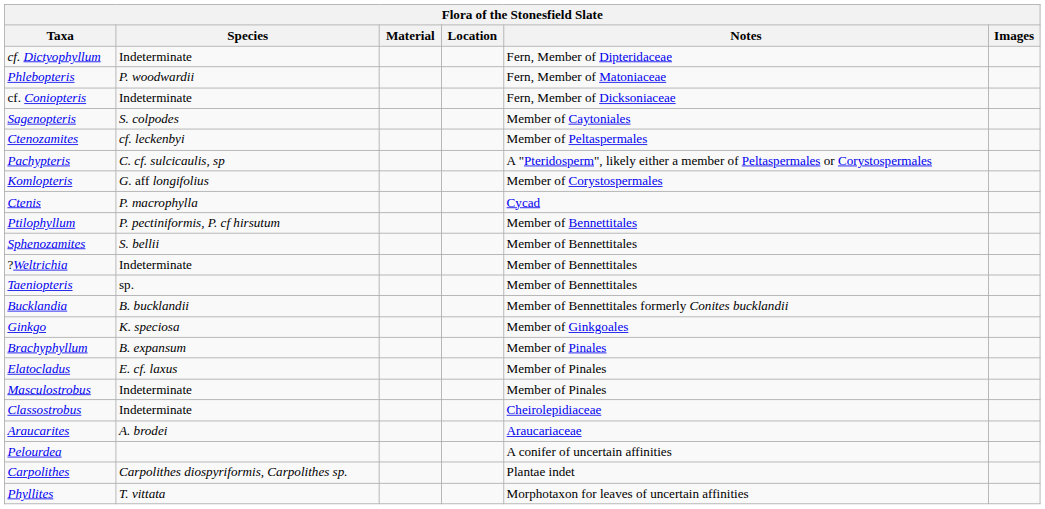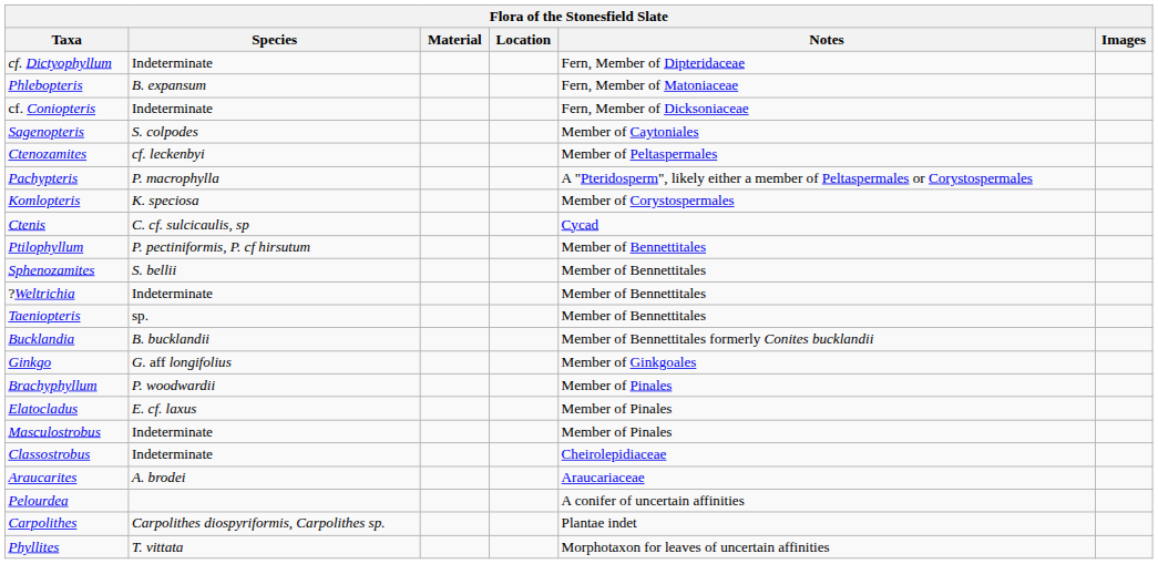 <table class="wikitable" align="center" width="100%">
 <tr>
 <th colspan="7" align="center"><strong>Flora of the Stonesfield Slate</strong></th>
 </tr>
 <tr>
 <th>Taxa</th>
 <th>Species</th>
 <th>Material</th>
 <th>Location</th>
 <th>Notes</th>
 <th>Images</th>
 </tr>
 <tr>
 <td><em>cf. <a href='#'>Dictyophyllum</a></em></td>
 <td>Indeterminate</td>
 <td></td>
 <td></td>
 <td>Fern, Member of <a href='#'>Dipteridaceae</a></td>
 <td></td>
 </tr>
 <tr>
 <td><em><a href='#'>Phlebopteris</a></em></td>
-<td><em>P. woodwardii</em></td>
+<td><em>B. expansum</em></td>
 <td></td>
 <td></td>
 <td>Fern, Member of <a href='#'>Matoniaceae</a></td>
 <td></td>
 </tr>
 <tr>
 <td>cf. <em><a href='#'>Coniopteris</a></em></td>
 <td>Indeterminate</td>
 <td></td>
 <td></td>
 <td>Fern, Member of <a href='#'>Dicksoniaceae</a></td>
 <td></td>
 </tr>
 <tr>
 <td><em><a href='#'>Sagenopteris</a></em></td>
 <td><em>S. colpodes</em></td>
 <td></td>
 <td></td>
 <td>Member of <a href='#'>Caytoniales</a></td>
 <td></td>
 </tr>
 <tr>
 <td><em><a href='#'>Ctenozamites</a></em></td>
 <td><em>cf. leckenbyi</em></td>
 <td></td>
 <td></td>
 <td>Member of <a href='#'>Peltaspermales</a></td>
 <td></td>
 </tr>
 <tr>
 <td><em><a href='#'>Pachypteris</a></em></td>
-<td><em>C. cf. sulcicaulis, sp</em></td>
+<td><em>P. macrophylla</em></td>
 <td></td>
 <td></td>
 <td>A "<a href='#'>Pteridosperm</a>", likely either a member of <a href='#'>Peltaspermales</a> or <a href='#'>Corystospermales</a></td>
 <td></td>
 </tr>
 <tr>
 <td><em><a href='#'>Komlopteris</a></em></td>
-<td><em>G.</em> aff <em>longifolius</em></td>
+<td><em>K. speciosa</em></td>
 <td></td>
 <td></td>
 <td>Member of <a href='#'>Corystospermales</a></td>
 <td></td>
 </tr>
 <tr>
 <td><em><a href='#'>Ctenis</a></em></td>
-<td><em>P. macrophylla</em></td>
+<td><em>C. cf. sulcicaulis, sp</em></td>
 <td></td>
 <td></td>
 <td><a href='#'>Cycad</a></td>
 <td></td>
 </tr>
 <tr>
 <td><a href='#'><em>Ptilophyllum</em></a></td>
 <td><em>P. pectiniformis, P. cf hirsutum</em></td>
 <td></td>
 <td></td>
 <td>Member of <a href='#'>Bennettitales</a></td>
 <td></td>
 </tr>
 <tr>
 <td><em><a href='#'>Sphenozamites</a></em></td>
 <td><em>S. bellii</em></td>
 <td></td>
 <td></td>
 <td>Member of Bennettitales</td>
 <td></td>
 </tr>
 <tr>
 <td>?<em><a href='#'>Weltrichia</a></em></td>
 <td>Indeterminate</td>
 <td></td>
 <td></td>
 <td>Member of Bennettitales</td>
 <td></td>
 </tr>
 <tr>
 <td><em><a href='#'>Taeniopteris</a></em></td>
 <td>sp.</td>
 <td></td>
 <td></td>
 <td>Member of Bennettitales</td>
 <td></td>
 </tr>
 <tr>
 <td><em><a href='#'>Bucklandia</a></em></td>
 <td><em>B. bucklandii</em></td>
 <td></td>
 <td></td>
 <td>Member of Bennettitales formerly <em>Conites bucklandii</em></td>
 <td></td>
 </tr>
 <tr>
 <td><em><a href='#'>Ginkgo</a></em></td>
-<td><em>K. speciosa</em></td>
+<td><em>G.</em> aff <em>longifolius</em></td>
 <td></td>
 <td></td>
 <td>Member of <a href='#'>Ginkgoales</a></td>
 <td></td>
 </tr>
 <tr>
 <td><em><a href='#'>Brachyphyllum</a></em></td>
-<td><em>B. expansum</em></td>
+<td><em>P. woodwardii</em></td>
 <td></td>
 <td></td>
 <td>Member of <a href='#'>Pinales</a></td>
 <td></td>
 </tr>
 <tr>
 <td><em><a href='#'>Elatocladus</a></em></td>
 <td><em>E. cf. laxus</em></td>
 <td></td>
 <td></td>
 <td>Member of Pinales</td>
 <td></td>
 </tr>
 <tr>
 <td><em><a href='#'>Masculostrobus</a></em></td>
 <td>Indeterminate</td>
 <td></td>
 <td></td>
 <td>Member of Pinales</td>
 <td></td>
 </tr>
 <tr>
 <td><em><a href='#'>Classostrobus</a></em></td>
 <td>Indeterminate</td>
 <td></td>
 <td></td>
 <td><a href='#'>Cheirolepidiaceae</a></td>
 <td></td>
 </tr>
 <tr>
 <td><em><a href='#'>Araucarites</a></em></td>
 <td><em>A. brodei</em></td>
 <td></td>
 <td></td>
 <td><a href='#'>Araucariaceae</a></td>
 <td></td>
 </tr>
 <tr>
 <td><em><a href='#'>Pelourdea</a></em></td>
 <td></td>
 <td></td>
 <td></td>
 <td>A conifer of uncertain affinities</td>
 <td></td>
 </tr>
 <tr>
 <td><em><a href='#'>Carpolithes</a></em></td>
 <td><em>Carpolithes diospyriformis</em>, <em>Carpolithes sp.</em></td>
 <td></td>
 <td></td>
 <td>Plantae indet</td>
 <td></td>
 </tr>
 <tr>
 <td><em><a href='#'>Phyllites</a></em></td>
 <td><em>T. vittata</em></td>
 <td></td>
 <td></td>
 <td>Morphotaxon for leaves of uncertain affinities</td>
 <td></td>
 </tr>
 </table>
